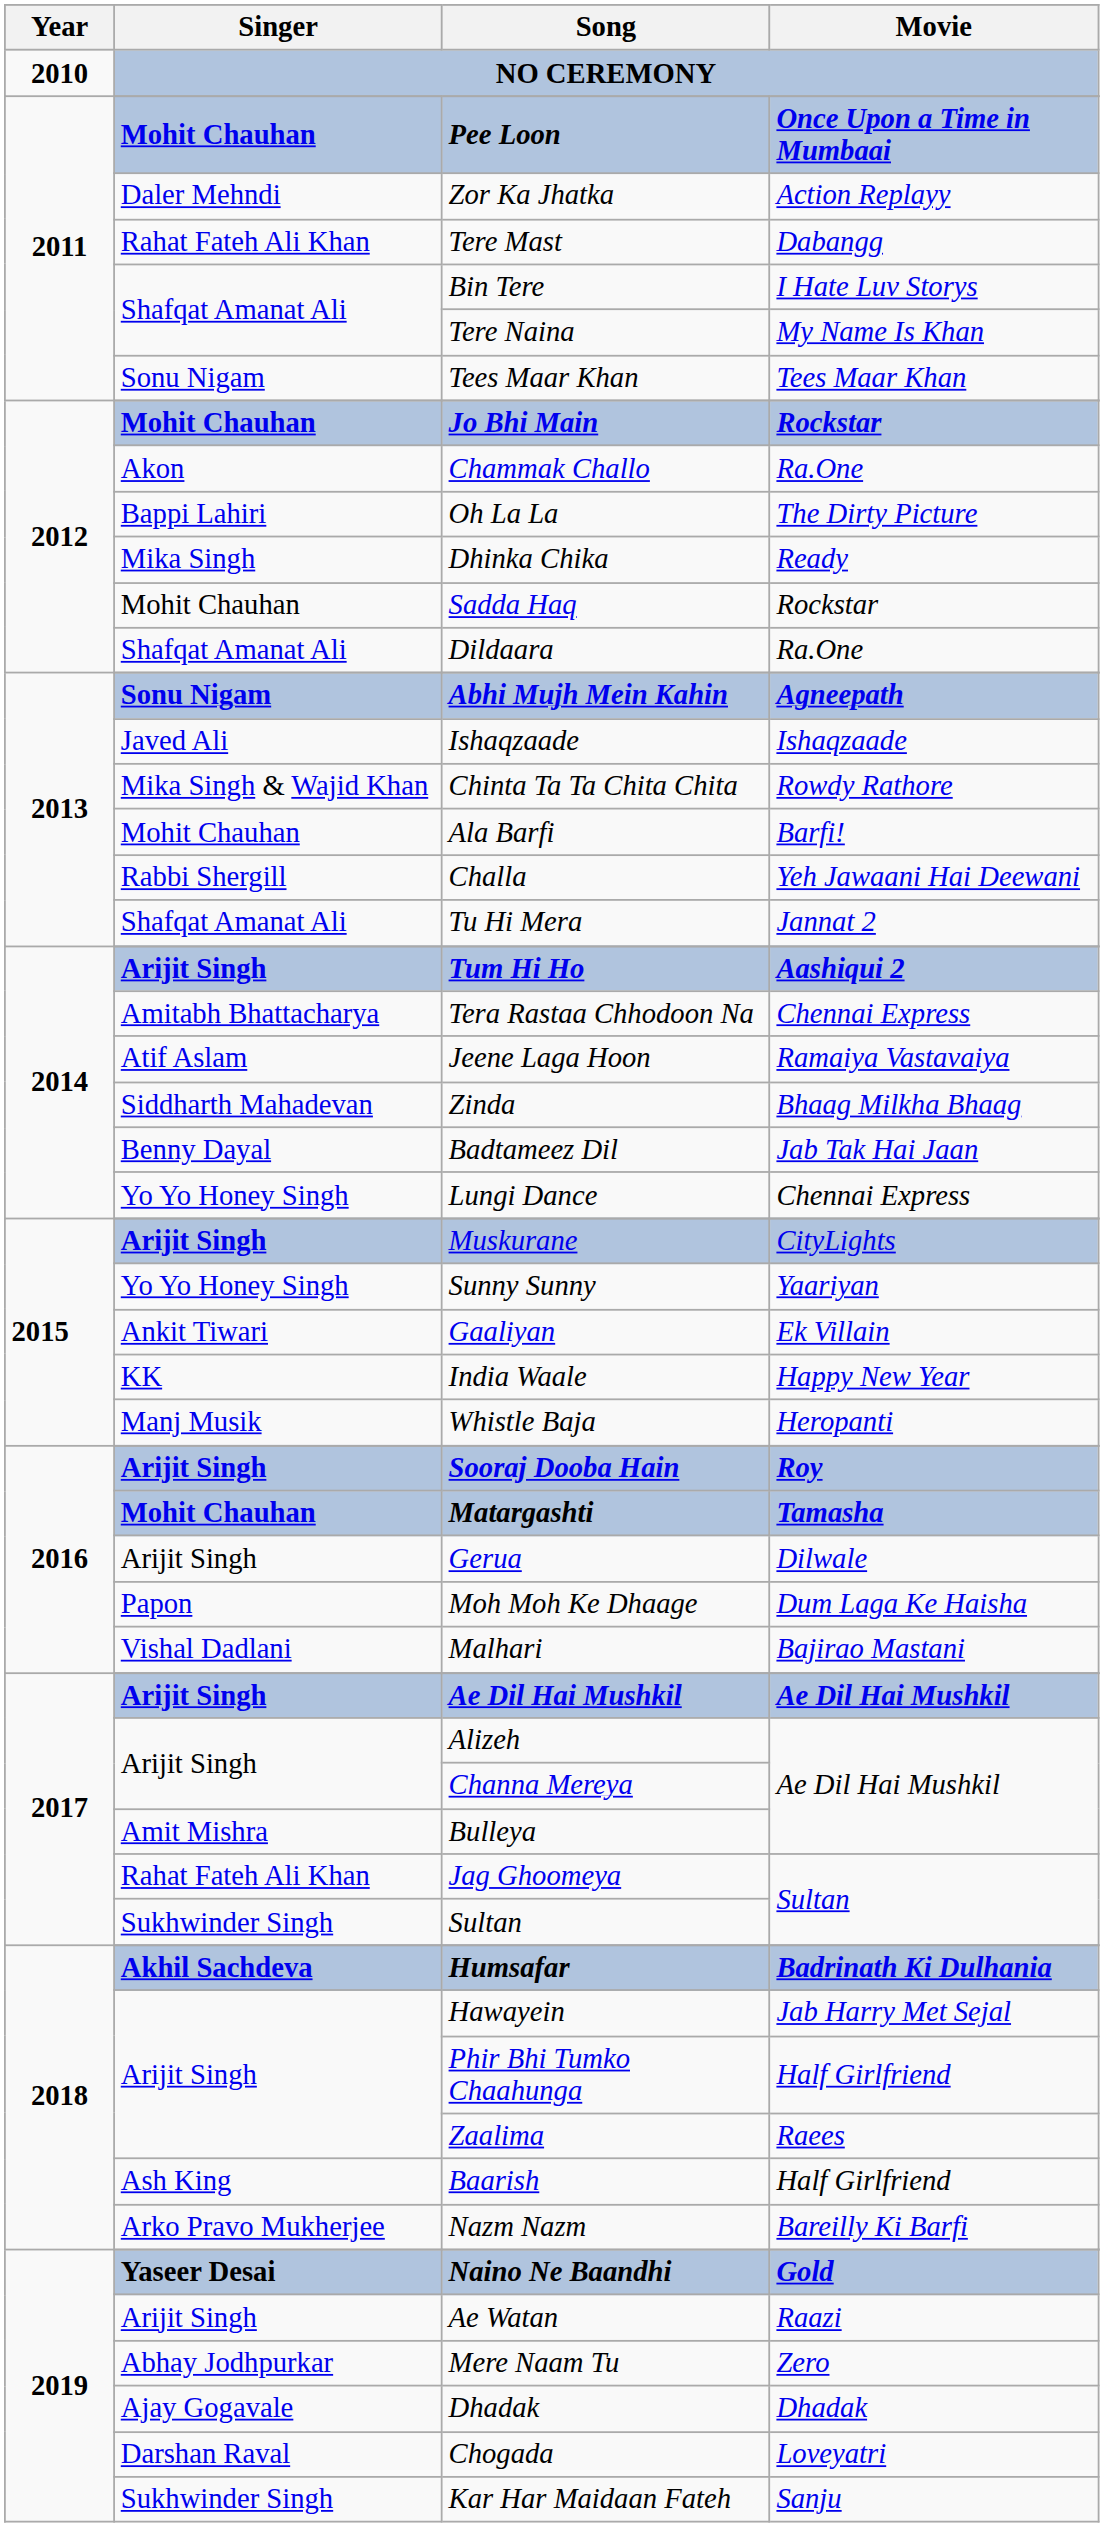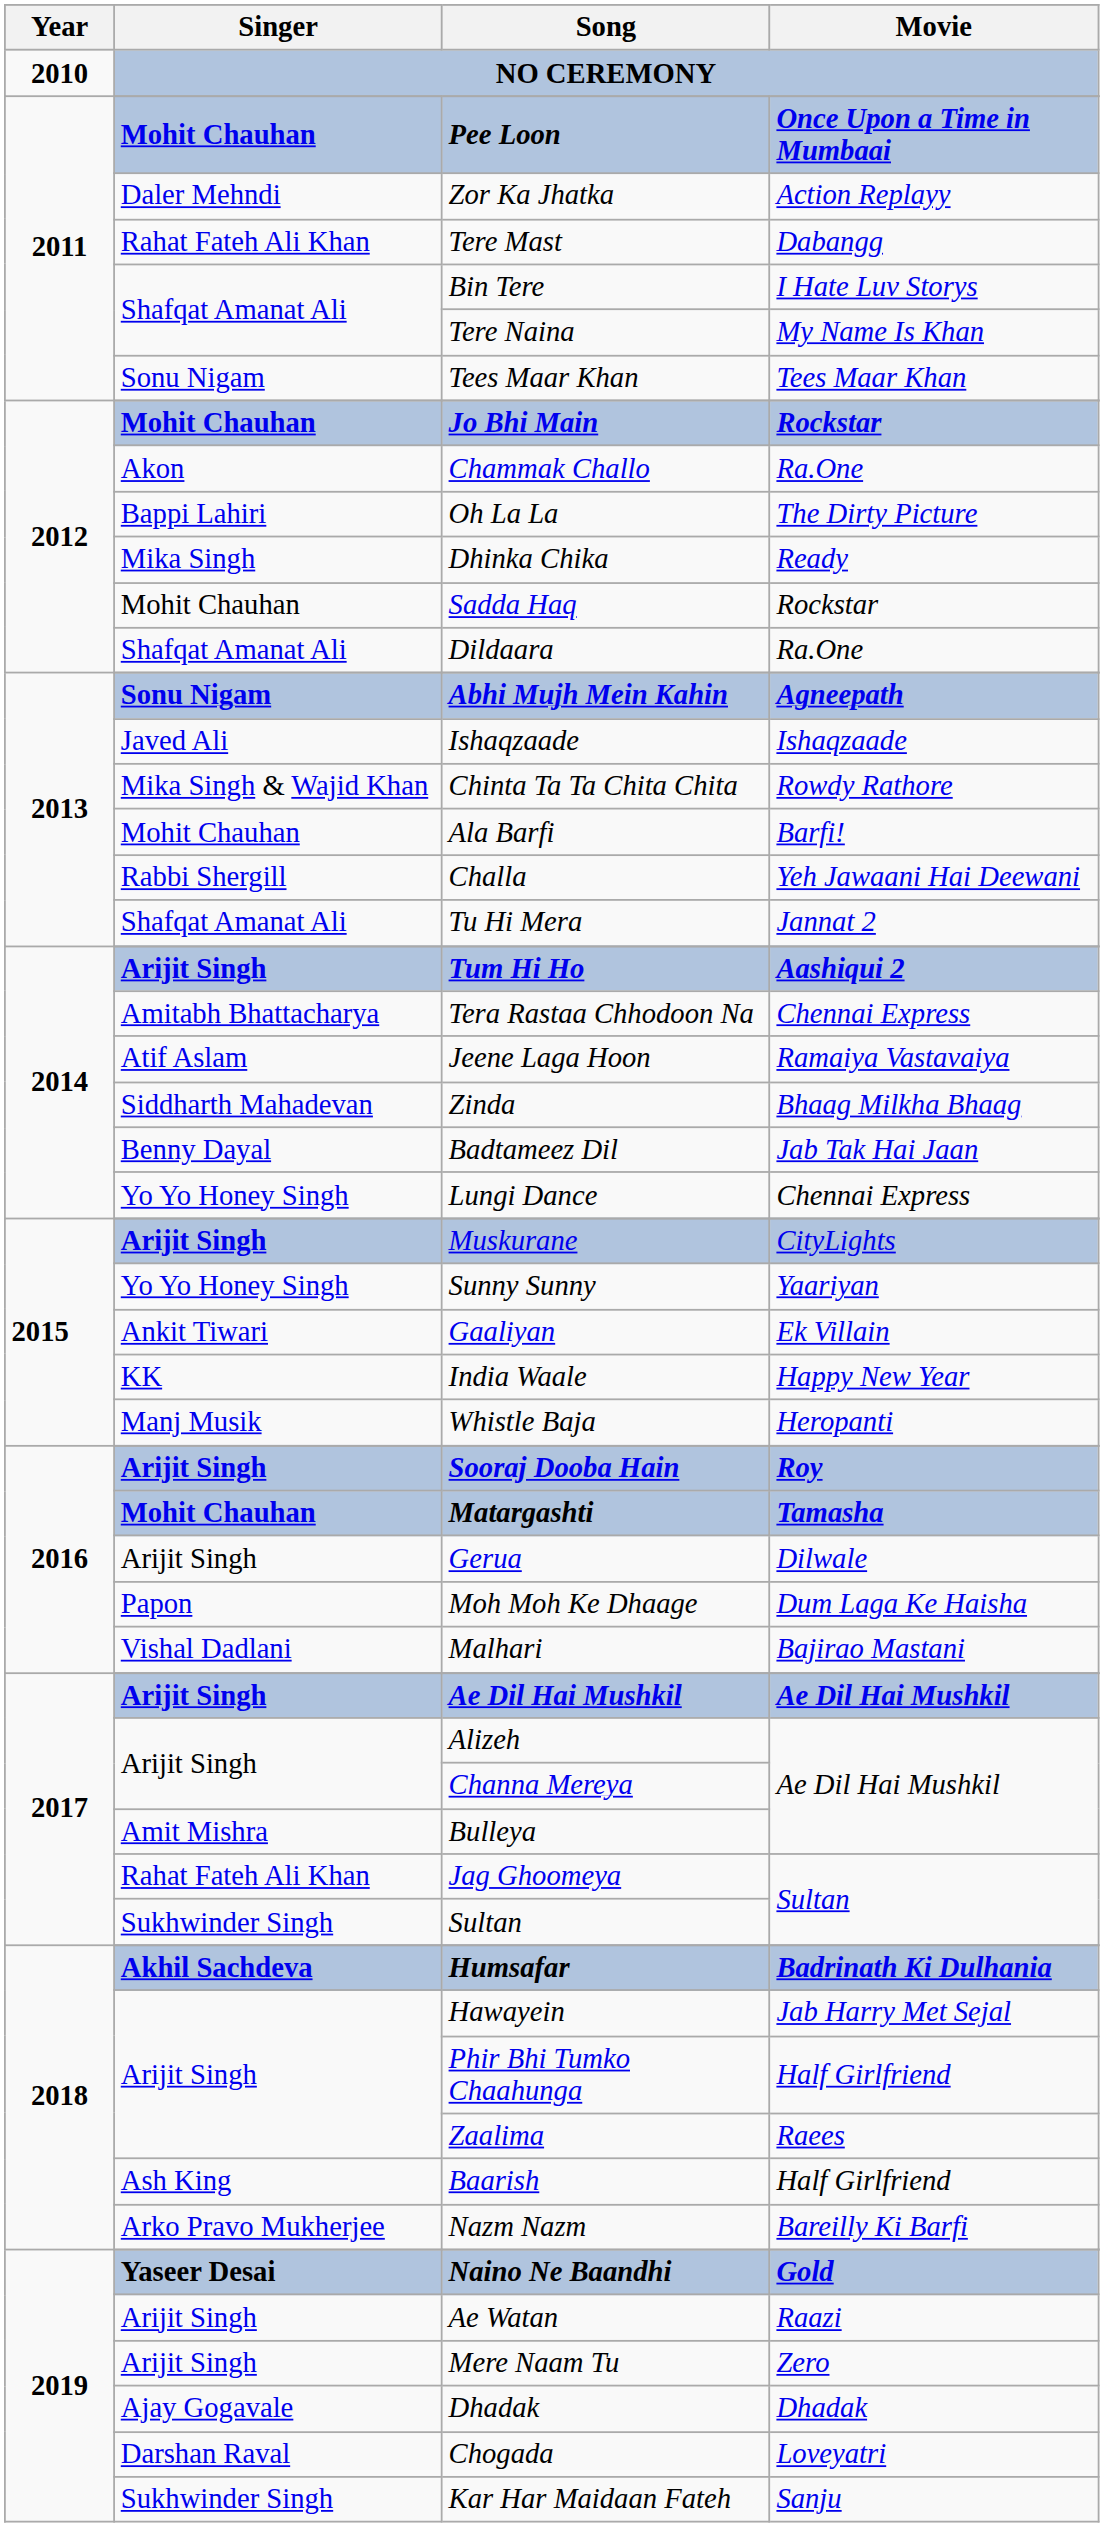 <table class="wikitable" style="width:98%;">
 <tr style="background:#bebebe;">
 <th style="width:10%;">Year</th>
 <th style="width:30%;">Singer</th>
 <th style="width:30%;">Song</th>
 <th style="width:30%;">Movie</th>
 </tr>
 <tr>
 <td rowspan=1 style="text-align:center"><strong>2010</strong></td>
 <td colspan=3 style="background:#B0C4DE; text-align:center"><strong>NO CEREMONY</strong></td>
 </tr>
 <tr>
 <td rowspan=7 style="text-align:center"><strong>2011</strong></td>
 </tr>
 <tr style="background:#B0C4DE;">
 <td><strong><a href='#'>Mohit Chauhan</a></strong></td>
 <td><strong><em>Pee Loon</em></strong></td>
 <td><strong><em><a href='#'>Once Upon a Time in Mumbaai</a></em></strong></td>
 </tr>
 <tr>
 <td><a href='#'>Daler Mehndi</a></td>
 <td><em>Zor Ka Jhatka</em></td>
 <td><em><a href='#'>Action Replayy</a></em></td>
 </tr>
 <tr>
 <td><a href='#'>Rahat Fateh Ali Khan</a></td>
 <td><em>Tere Mast</em></td>
 <td><em><a href='#'>Dabangg</a></em></td>
 </tr>
 <tr>
 <td rowspan="2"><a href='#'>Shafqat Amanat Ali</a></td>
 <td><em>Bin Tere</em></td>
 <td><em><a href='#'>I Hate Luv Storys</a></em></td>
 </tr>
 <tr>
 <td><em>Tere Naina</em></td>
 <td><em><a href='#'>My Name Is Khan</a></em></td>
 </tr>
 <tr>
 <td><a href='#'>Sonu Nigam</a></td>
 <td><em>Tees Maar Khan</em></td>
 <td><a href='#'><em>Tees Maar Khan</em></a></td>
 </tr>
 <tr>
 <td rowspan=7 style="text-align:center"><strong>2012</strong></td>
 </tr>
 <tr style="background:#B0C4DE;">
 <td><strong><a href='#'>Mohit Chauhan</a></strong></td>
 <td><strong><em><a href='#'>Jo Bhi Main</a></em></strong></td>
 <td><strong><a href='#'><em>Rockstar</em></a></strong></td>
 </tr>
 <tr>
 <td><a href='#'>Akon</a></td>
 <td><em><a href='#'>Chammak Challo</a></em></td>
 <td><em><a href='#'>Ra.One</a></em></td>
 </tr>
 <tr>
 <td><a href='#'>Bappi Lahiri</a></td>
 <td><em>Oh La La</em></td>
 <td><em><a href='#'>The Dirty Picture</a></em></td>
 </tr>
 <tr>
 <td><a href='#'>Mika Singh</a></td>
 <td><em>Dhinka Chika</em></td>
 <td><a href='#'><em>Ready</em></a></td>
 </tr>
 <tr>
 <td>Mohit Chauhan</td>
 <td><em><a href='#'>Sadda Haq</a></em></td>
 <td><em>Rockstar</em></td>
 </tr>
 <tr>
 <td><a href='#'>Shafqat Amanat Ali</a></td>
 <td><em>Dildaara</em></td>
 <td><em>Ra.One</em></td>
 </tr>
 <tr>
 <td rowspan="7" style="text-align:center"><strong>2013</strong></td>
 </tr>
 <tr style="background:#B0C4DE;">
 <td><strong><a href='#'>Sonu Nigam</a></strong></td>
 <td><strong><em><a href='#'>Abhi Mujh Mein Kahin</a></em></strong></td>
 <td><strong><a href='#'><em>Agneepath</em></a></strong></td>
 </tr>
 <tr>
 <td><a href='#'>Javed Ali</a></td>
 <td><em>Ishaqzaade</em></td>
 <td><em><a href='#'>Ishaqzaade</a></em></td>
 </tr>
 <tr>
 <td><a href='#'>Mika Singh</a> & <a href='#'>Wajid Khan</a></td>
 <td><em>Chinta Ta Ta Chita Chita</em></td>
 <td><em><a href='#'>Rowdy Rathore</a></em></td>
 </tr>
 <tr>
 <td><a href='#'>Mohit Chauhan</a></td>
 <td><em>Ala Barfi</em></td>
 <td><em><a href='#'>Barfi!</a></em></td>
 </tr>
 <tr>
 <td><a href='#'>Rabbi Shergill</a></td>
 <td><em>Challa</em></td>
 <td><em><a href='#'>Yeh Jawaani Hai Deewani</a></em></td>
 </tr>
 <tr>
 <td><a href='#'>Shafqat Amanat Ali</a></td>
 <td><em>Tu Hi Mera</em></td>
 <td><em><a href='#'>Jannat 2</a></em></td>
 </tr>
 <tr>
 <td rowspan=7 style="text-align:center"><strong>2014</strong></td>
 </tr>
 <tr style="background:#B0C4DE;">
 <td><strong><a href='#'>Arijit Singh</a></strong></td>
 <td><strong><em><a href='#'>Tum Hi Ho</a></em></strong></td>
 <td><strong><em><a href='#'>Aashiqui 2</a></em></strong></td>
 </tr>
 <tr>
 <td><a href='#'>Amitabh Bhattacharya</a></td>
 <td><em>Tera Rastaa Chhodoon Na</em></td>
 <td><em><a href='#'>Chennai Express</a></em></td>
 </tr>
 <tr>
 <td><a href='#'>Atif Aslam</a></td>
 <td><em>Jeene Laga Hoon</em></td>
 <td><em><a href='#'>Ramaiya Vastavaiya</a></em></td>
 </tr>
 <tr>
 <td><a href='#'>Siddharth Mahadevan</a></td>
 <td><em>Zinda</em></td>
 <td><em><a href='#'>Bhaag Milkha Bhaag</a></em></td>
 </tr>
 <tr>
 <td><a href='#'>Benny Dayal</a></td>
 <td><em>Badtameez Dil</em></td>
 <td><em><a href='#'>Jab Tak Hai Jaan</a></em></td>
 </tr>
 <tr>
 <td><a href='#'>Yo Yo Honey Singh</a></td>
 <td><em>Lungi Dance</em></td>
 <td><em>Chennai Express</em></td>
 </tr>
 <tr>
 <td rowspan=6style="text-align:center"><strong>2015</strong></td>
 </tr>
 <tr style="background:#B0C4DE">
 <td><strong><a href='#'>Arijit Singh</a></strong></td>
 <td><em><a href='#'>Muskurane</a></em></td>
 <td><em><a href='#'>CityLights</a></em></td>
 </tr>
 <tr>
 <td><a href='#'>Yo Yo Honey Singh</a></td>
 <td><em>Sunny Sunny</em></td>
 <td><em><a href='#'>Yaariyan</a></em></td>
 </tr>
 <tr>
 <td><a href='#'>Ankit Tiwari</a></td>
 <td><em><a href='#'>Gaaliyan</a></em></td>
 <td><em><a href='#'>Ek Villain</a></em></td>
 </tr>
 <tr>
 <td><a href='#'>KK</a></td>
 <td><em>India Waale</em></td>
 <td><em><a href='#'>Happy New Year</a></em></td>
 </tr>
 <tr>
 <td><a href='#'>Manj Musik</a></td>
 <td><em>Whistle Baja</em></td>
 <td><em><a href='#'>Heropanti</a></em></td>
 </tr>
 <tr>
 <td rowspan=6 style="text-align:center"><strong>2016</strong></td>
 </tr>
 <tr style="background:#B0C4DE;">
 <td><strong><a href='#'>Arijit Singh</a></strong></td>
 <td><strong><em><a href='#'>Sooraj Dooba Hain</a></em></strong></td>
 <td><strong><a href='#'><em>Roy</em></a></strong></td>
 </tr>
 <tr style="background:#B0C4DE;">
 <td><strong><a href='#'>Mohit Chauhan</a></strong></td>
 <td><strong><em>Matargashti</em></strong></td>
 <td><strong><a href='#'><em>Tamasha</em></a></strong></td>
 </tr>
 <tr>
 <td>Arijit Singh</td>
 <td><em><a href='#'>Gerua</a></em></td>
 <td><a href='#'><em>Dilwale</em></a></td>
 </tr>
 <tr>
 <td><a href='#'>Papon</a></td>
 <td><em>Moh Moh Ke Dhaage</em></td>
 <td><em><a href='#'>Dum Laga Ke Haisha</a></em></td>
 </tr>
 <tr>
 <td><a href='#'>Vishal Dadlani</a></td>
 <td><em>Malhari</em></td>
 <td><em><a href='#'>Bajirao Mastani</a></em></td>
 </tr>
 <tr>
 <td rowspan=7 style="text-align:center"><strong>2017</strong></td>
 </tr>
 <tr style="background:#B0C4DE;">
 <td><strong><a href='#'>Arijit Singh</a></strong></td>
 <td><strong><em><a href='#'>Ae Dil Hai Mushkil</a></em></strong></td>
 <td><strong><em><a href='#'>Ae Dil Hai Mushkil</a></em></strong></td>
 </tr>
 <tr>
 <td rowspan="2">Arijit Singh</td>
 <td><em>Alizeh</em></td>
 <td rowspan="3"><em>Ae Dil Hai Mushkil</em></td>
 </tr>
 <tr>
 <td><em><a href='#'>Channa Mereya</a></em></td>
 </tr>
 <tr>
 <td><a href='#'>Amit Mishra</a></td>
 <td><em>Bulleya</em></td>
 </tr>
 <tr>
 <td><a href='#'>Rahat Fateh Ali Khan</a></td>
 <td><em><a href='#'>Jag Ghoomeya</a></em></td>
 <td rowspan="2"><a href='#'><em>Sultan</em></a></td>
 </tr>
 <tr>
 <td><a href='#'>Sukhwinder Singh</a></td>
 <td><em>Sultan</em></td>
 </tr>
 <tr>
 <td rowspan=7 style="text-align:center"><strong>2018</strong></td>
 </tr>
 <tr style="background:#B0C4DE;">
 <td><strong><a href='#'>Akhil Sachdeva</a></strong></td>
 <td><strong><em>Humsafar</em></strong></td>
 <td><strong><em><a href='#'>Badrinath Ki Dulhania</a></em></strong></td>
 </tr>
 <tr>
 <td rowspan="3"><a href='#'>Arijit Singh</a></td>
 <td><em>Hawayein</em></td>
 <td><em><a href='#'>Jab Harry Met Sejal</a></em></td>
 </tr>
 <tr>
 <td><em><a href='#'>Phir Bhi Tumko Chaahunga</a></em></td>
 <td><a href='#'><em>Half Girlfriend</em></a></td>
 </tr>
 <tr>
 <td><em><a href='#'>Zaalima</a></em></td>
 <td><a href='#'><em>Raees</em></a></td>
 </tr>
 <tr>
 <td><a href='#'>Ash King</a></td>
 <td><em><a href='#'>Baarish</a></em></td>
 <td><em>Half Girlfriend</em></td>
 </tr>
 <tr>
 <td><a href='#'>Arko Pravo Mukherjee</a></td>
 <td><em>Nazm Nazm</em></td>
 <td><em><a href='#'>Bareilly Ki Barfi</a></em></td>
 </tr>
 <tr>
 <td rowspan=7 style="text-align:center"><strong>2019</strong></td>
 </tr>
 <tr style="background:#B0C4DE;">
 <td><strong>Yaseer Desai</strong></td>
 <td><strong><em>Naino Ne Baandhi</em></strong></td>
 <td><strong><a href='#'><em>Gold</em></a></strong></td>
 </tr>
 <tr>
 <td><a href='#'>Arijit Singh</a></td>
 <td><em>Ae Watan</em></td>
 <td><em><a href='#'>Raazi</a></em></td>
 </tr>
 <tr>
-<td><a href='#'>Abhay Jodhpurkar</a></td>
+<td><a href='#'>Arijit Singh</a></td>
 <td><em>Mere Naam Tu</em></td>
 <td><a href='#'><em>Zero</em></a></td>
 </tr>
 <tr>
 <td><a href='#'>Ajay Gogavale</a></td>
 <td><em>Dhadak</em></td>
 <td><em><a href='#'>Dhadak</a></em></td>
 </tr>
 <tr>
 <td><a href='#'>Darshan Raval</a></td>
 <td><em>Chogada</em></td>
 <td><em><a href='#'>Loveyatri</a></em></td>
 </tr>
 <tr>
 <td><a href='#'>Sukhwinder Singh</a></td>
 <td><em>Kar Har Maidaan Fateh</em></td>
 <td><em><a href='#'>Sanju</a></em></td>
 </tr>
 </table>
